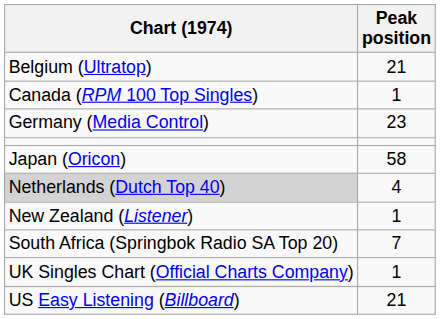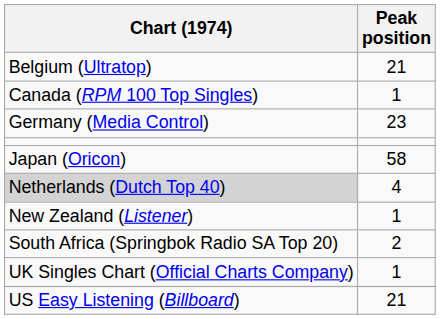 <table class="wikitable sortable">
 <tr>
 <th>Chart (1974)</th>
 <th>Peak<br>position</th>
 </tr>
 <tr>
 <td>Belgium (<a href='#'>Ultratop</a>)</td>
 <td style="text-align:center;">21</td>
 </tr>
 <tr>
 <td>Canada (<a href='#'><em>RPM</em> 100 Top Singles</a>)</td>
 <td style="text-align:center;">1</td>
 </tr>
 <tr>
 <td>Germany (<a href='#'>Media Control</a>)</td>
 <td style="text-align:center;">23</td>
 </tr>
 <tr>
 <td></td>
 </tr>
 <tr>
 <td>Japan (<a href='#'>Oricon</a>)</td>
 <td style="text-align:center;">58</td>
 </tr>
 <tr>
 <td style="background: lightgrey;">Netherlands (<a href='#'>Dutch Top 40</a>)</td>
 <td style="text-align:center;">4</td>
 </tr>
 <tr>
 <td>New Zealand (<em><a href='#'>Listener</a></em>)</td>
 <td style="text-align:center;">1</td>
 </tr>
 <tr>
 <td>South Africa (Springbok Radio SA Top 20)</td>
-<td style="text-align:center;">7</td>
+<td style="text-align:center;">2</td>
 </tr>
 <tr>
 <td>UK Singles Chart (<a href='#'>Official Charts Company</a>)</td>
 <td style="text-align:center;">1</td>
 </tr>
 <tr>
 </tr>
 <tr>
 <td>US <a href='#'>Easy Listening</a> (<em><a href='#'>Billboard</a></em>)</td>
 <td style="text-align:center;">21</td>
 </tr>
 </table>
